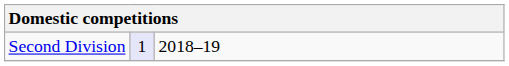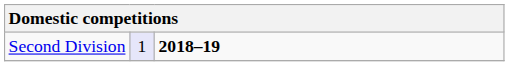 <table class="wikitable">
 <tr>
 <th width="100%" colspan="3" style="text-align:left;">Domestic competitions</th>
 </tr>
 <tr>
 <td width="25%"><a href='#'>Second Division</a></td>
 <td width="5%" style="background: lavender; text-align:center;">1</td>
-<td width="70%">2018–19</td>
+<td width="70%"><strong>2018–19</strong></td>
 </tr>
 <tr>
 </tr>
 </table>
